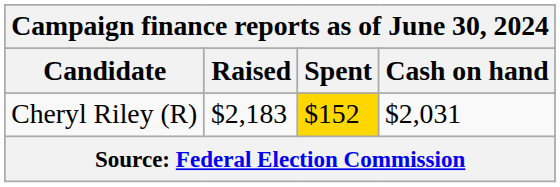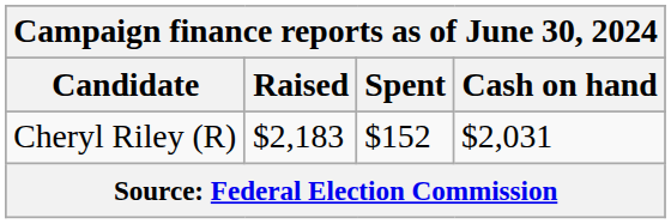 <table class="wikitable sortable">
 <tr>
 <th colspan=4>Campaign finance reports as of June 30, 2024</th>
 </tr>
 <tr style="text-align:center;">
 <th>Candidate</th>
 <th>Raised</th>
 <th>Spent</th>
 <th>Cash on hand</th>
 </tr>
 <tr>
 <td>Cheryl Riley (R)</td>
 <td>$2,183</td>
-<td style="background: gold;">$152</td>
+<td>$152</td>
 <td>$2,031</td>
 </tr>
 <tr>
 <th colspan="4"><small>Source: <a href='#'>Federal Election Commission</a></small></th>
 </tr>
 </table>
